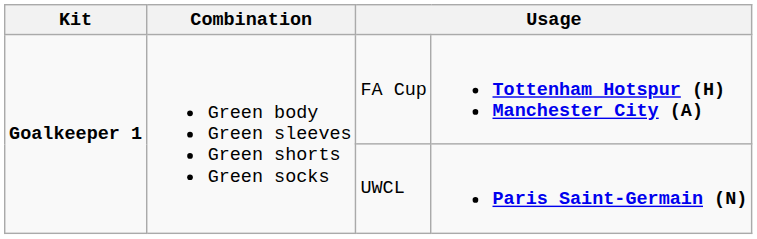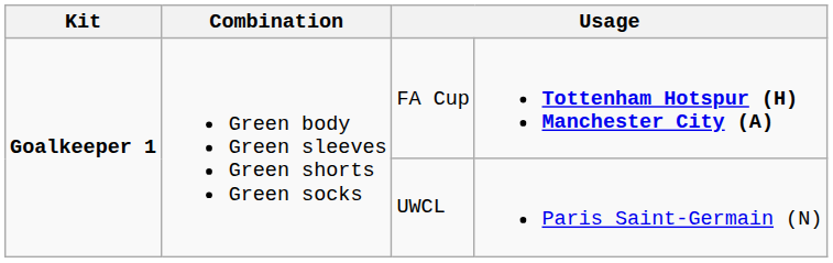 <table class="wikitable">
 <tr>
 <th>Kit</th>
 <th>Combination</th>
 <th colspan="2">Usage</th>
 </tr>
 <tr>
 <td rowspan="2"><strong>Goalkeeper 1</strong></td>
 <td rowspan="2"><br><ul><li>Green body</li><li>Green sleeves</li><li>Green shorts</li><li>Green socks</li></ul></td>
 <td>FA Cup</td>
 <td><strong><br><ul><li><a href='#'>Tottenham Hotspur</a> (H)</li><li><a href='#'>Manchester City</a> (A)</li></ul></strong></td>
 </tr>
 <tr>
 <td>UWCL</td>
-<td><strong><br><ul><li><a href='#'>Paris Saint-Germain</a> (N)</li></ul></strong></td>
+<td><br><ul><li><a href='#'>Paris Saint-Germain</a> (N)</li></ul></td>
 </tr>
 </table>
